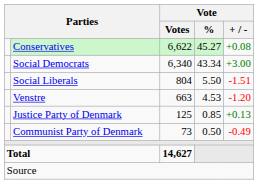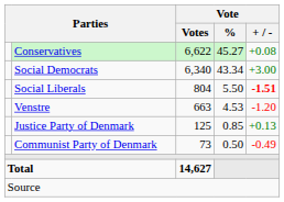 <table class="wikitable" style="text-align:right;">
 <tr>
 <th style="text-align:centre;" rowspan="2" colspan="2" width="225">Parties</th>
 <th colspan="3">Vote</th>
 </tr>
 <tr>
 <th width="15">Votes</th>
 <th width="15">%</th>
 <th width="15">+ / -</th>
 </tr>
 <tr>
 <td width="2" style="color:inherit;background:"></td>
 <td bgcolor=#ccf7cc  align="left"><a href='#'>Conservatives</a></td>
 <td bgcolor=#ccf7cc>6,622</td>
 <td bgcolor=#ccf7cc>45.27</td>
 <td style=color:green;>+0.08</td>
 </tr>
 <tr>
 <td width="2" style="color:inherit;background:"></td>
 <td align="left"><a href='#'>Social Democrats</a></td>
 <td>6,340</td>
 <td>43.34</td>
 <td style=color:green;>+3.00</td>
 </tr>
 <tr>
 <td width="2" style="color:inherit;background:"></td>
 <td align="left"><a href='#'>Social Liberals</a></td>
 <td>804</td>
 <td>5.50</td>
-<td style=color:red;>-1.51</td>
+<td style=color:red;><strong>-1.51</strong></td>
 </tr>
 <tr>
 <td width="2" style="color:inherit;background:"></td>
 <td align="left"><a href='#'>Venstre</a></td>
 <td>663</td>
 <td>4.53</td>
 <td style=color:red;>-1.20</td>
 </tr>
 <tr>
 <td width="2" style="color:inherit;background:"></td>
 <td align="left"><a href='#'>Justice Party of Denmark</a></td>
 <td>125</td>
 <td>0.85</td>
 <td style=color:green;>+0.13</td>
 </tr>
 <tr>
 <td width="2" style="color:inherit;background:"></td>
 <td align="left"><a href='#'>Communist Party of Denmark</a></td>
 <td>73</td>
 <td>0.50</td>
 <td style=color:red;>-0.49</td>
 </tr>
 <tr>
 <td colspan="7" bgcolor="#E9E9E9"></td>
 </tr>
 <tr>
 <td align="left" colspan="2"><strong>Total</strong></td>
 <td><strong>14,627</strong></td>
 <td bgcolor="#E9E9E9" colspan="2"></td>
 </tr>
 <tr>
 <td align="left" colspan="6">Source</td>
 </tr>
 </table>
